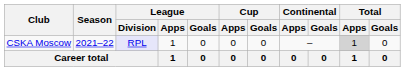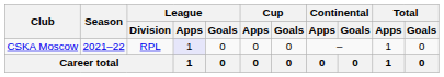 <table class="wikitable" style="text-align: center;">
 <tr>
 <th rowspan=2>Club</th>
 <th rowspan=2>Season</th>
 <th colspan=3>League</th>
 <th colspan=2>Cup</th>
 <th colspan=2>Continental</th>
 <th colspan=2>Total</th>
 </tr>
 <tr>
 <th>Division</th>
 <th>Apps</th>
 <th>Goals</th>
 <th>Apps</th>
 <th>Goals</th>
 <th>Apps</th>
 <th>Goals</th>
 <th>Apps</th>
 <th>Goals</th>
 </tr>
 <tr>
 <td><a href='#'>CSKA Moscow</a></td>
 <td><a href='#'>2021–22</a></td>
-<td style="background: lavender;"><a href='#'>RPL</a></td>
-<td>1</td>
+<td><a href='#'>RPL</a></td>
+<td style="background: lavender;">1</td>
 <td>0</td>
 <td>0</td>
 <td>0</td>
 <td colspan=2>–</td>
-<td style="background: lightgrey;">1</td>
+<td>1</td>
 <td>0</td>
 </tr>
 <tr>
 <th colspan=3>Career total</th>
 <th>1</th>
 <th>0</th>
 <th>0</th>
 <th>0</th>
 <th>0</th>
 <th>0</th>
 <th>1</th>
 <th>0</th>
 </tr>
 </table>
